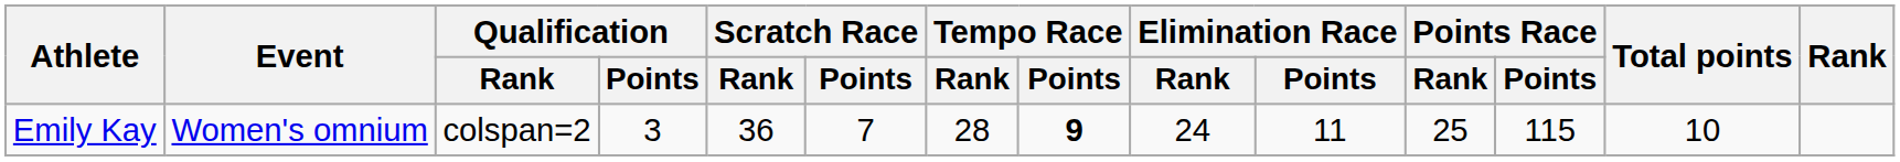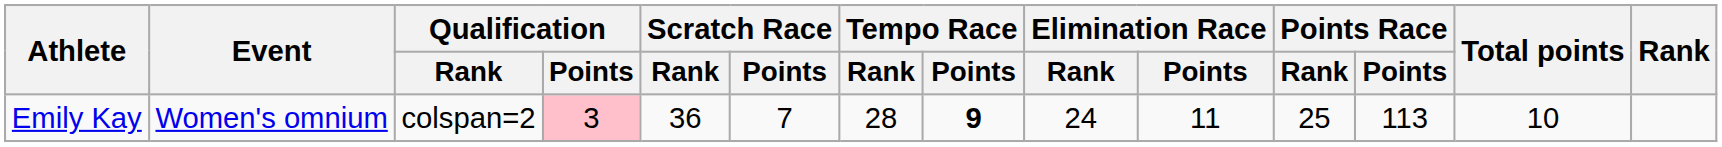 <table class="wikitable" style="font-size:90%">
 <tr>
 <th rowspan="2">Athlete</th>
 <th rowspan="2">Event</th>
 <th colspan=2>Qualification</th>
 <th colspan=2>Scratch Race</th>
 <th colspan=2>Tempo Race</th>
 <th colspan=2>Elimination Race</th>
 <th colspan=2>Points Race</th>
 <th rowspan=2>Total points</th>
 <th rowspan=2>Rank</th>
 </tr>
 <tr style="font-size:95%">
 <th>Rank</th>
 <th>Points</th>
 <th>Rank</th>
 <th>Points</th>
 <th>Rank</th>
 <th>Points</th>
 <th>Rank</th>
 <th>Points</th>
 <th>Rank</th>
 <th>Points</th>
 </tr>
 <tr align=center>
 <td align=left><a href='#'>Emily Kay</a></td>
 <td align=left><a href='#'>Women's omnium</a></td>
 <td>colspan=2</td>
-<td>3</td>
+<td style="background: pink;">3</td>
 <td>36</td>
 <td>7</td>
 <td>28</td>
 <td><strong>9</strong></td>
 <td>24</td>
 <td>11</td>
 <td>25</td>
-<td>115</td>
+<td>113</td>
 <td>10</td>
 </tr>
 </table>
